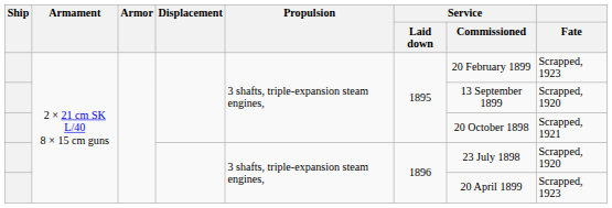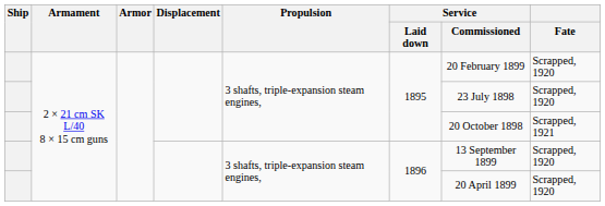 <table class="wikitable plainrowheaders" style="text-align: center;">
 <tr valign="top">
 <th scope="col" rowspan="2">Ship</th>
 <th scope="col" rowspan="2">Armament</th>
 <th scope="col" rowspan="2">Armor</th>
 <th scope="col" rowspan="2">Displacement</th>
 <th scope="col" rowspan="2">Propulsion</th>
 <th scope="col" colspan="2">Service</th>
 <th></th>
 </tr>
 <tr valign="top">
 <th scope="col">Laid down</th>
 <th scope="col">Commissioned</th>
 <th scope="col">Fate</th>
 </tr>
 <tr valign="center">
 <th scope="row"></th>
 <td rowspan=5>2 × <a href='#'>21 cm SK L/40</a><br>8 × 15 cm guns</td>
 <td rowspan="5"></td>
 <td rowspan="3"></td>
 <td rowspan="3" style="text-align: left;">3 shafts, triple-expansion steam engines, </td>
 <td rowspan="3">1895</td>
 <td>20 February 1899</td>
-<td style="text-align: left;">Scrapped, 1923</td>
+<td style="text-align: left;">Scrapped, 1920</td>
 </tr>
 <tr valign="center">
 <th scope="row"></th>
-<td>13 September 1899</td>
+<td>23 July 1898</td>
 <td style="text-align: left;">Scrapped, 1920</td>
 </tr>
 <tr valign="center">
 <th scope="row"></th>
 <td>20 October 1898</td>
 <td style="text-align: left;">Scrapped, 1921</td>
 </tr>
 <tr valign="center">
 <th scope="row"></th>
 <td rowspan="2"></td>
 <td rowspan="2" style="text-align: left;">3 shafts, triple-expansion steam engines, </td>
 <td rowspan="2">1896</td>
-<td>23 July 1898</td>
+<td>13 September 1899</td>
 <td style="text-align: left;">Scrapped, 1920</td>
 </tr>
 <tr valign="center">
 <th scope="row"></th>
 <td>20 April 1899</td>
-<td style="text-align: left;">Scrapped, 1923</td>
+<td style="text-align: left;">Scrapped, 1920</td>
 </tr>
 </table>
